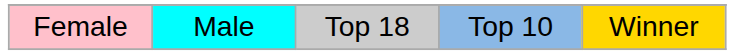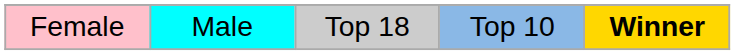 <table class="wikitable" style="margin:1em auto; text-align:center;">
 <tr>
 </tr>
 <tr>
 <td style="background:pink; width:15%;">Female</td>
 <td style="background:cyan; width:15%;">Male</td>
 <td style="background:#ccc; width:15%;">Top 18</td>
 <td style="background:#8ab8e6; width:15%;">Top 10</td>
-<td style="background:gold;" width="15%">Winner</td>
+<td style="background:gold;" width="15%"><strong>Winner</strong></td>
 </tr>
 </table>
